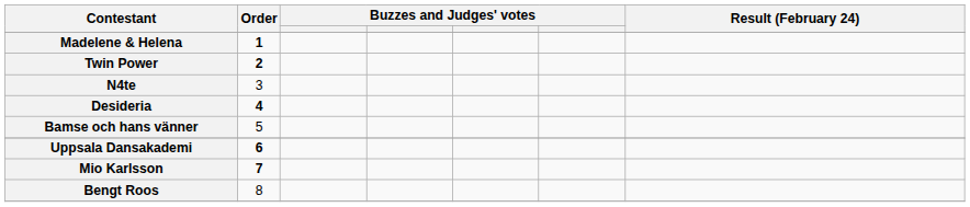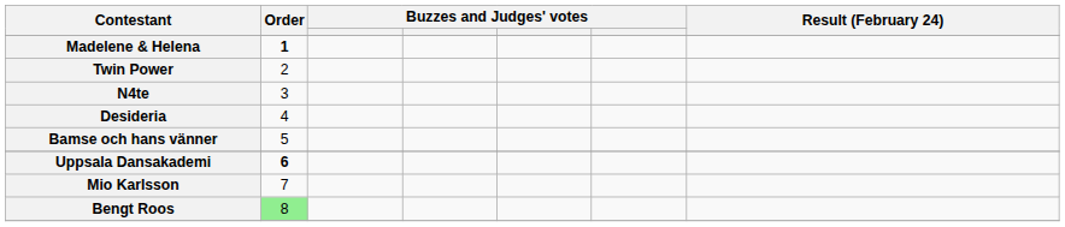 <table class="wikitable plainrowheaders sortable" style="text-align:center;">
 <tr>
 <th scope="col" rowspan="2" class="unsortable" style="width:17em;">Contestant</th>
 <th scope="col" rowspan="2" style="width:1em;">Order</th>
 <th scope="col" colspan="4" class="unsortable" style="width:24em;">Buzzes and Judges' votes</th>
 <th scope="col" rowspan="2" style="width:25em;">Result (February 24)</th>
 </tr>
 <tr>
 <th scope="col" class="unsortable" style="width:6em;"></th>
 <th scope="col" class="unsortable" style="width:6em;"></th>
 <th scope="col" class="unsortable" style="width:6em;"></th>
 <th scope="col" class="unsortable" style="width:6em;"></th>
 </tr>
 <tr>
 </tr>
 <tr -style="background:NavajoWhite">
 <th scope="row"><strong>Madelene & Helena</strong></th>
 <td><strong>1</strong></td>
 <td style="text-align:center;"></td>
 <td style="text-align:center;"></td>
 <td style="text-align:center;"></td>
 <td style="text-align:center;"></td>
 <td></td>
 </tr>
 <tr>
 <th scope="row">Twin Power</th>
-<td><strong>2</strong></td>
+<td>2</td>
 <td style="text-align:center;"></td>
 <td style="text-align:center;"></td>
 <td style="text-align:center;"></td>
 <td style="text-align:center;"></td>
 <td></td>
 </tr>
 <tr>
 <th scope="row">N4te</th>
 <td>3</td>
 <td style="text-align:center;"></td>
 <td style="text-align:center;"></td>
 <td style="text-align:center;"></td>
 <td style="text-align:center;"></td>
 <td></td>
 </tr>
 <tr>
 <th scope="row">Desideria</th>
-<td><strong>4</strong></td>
+<td>4</td>
 <td style="text-align:center;"></td>
 <td style="text-align:center;"></td>
 <td style="text-align:center;"></td>
 <td style="text-align:center;"></td>
 <td></td>
 </tr>
 <tr>
 <th scope="row">Bamse och hans vänner</th>
 <td>5</td>
 <td style="text-align:center;"></td>
 <td style="text-align:center;"></td>
 <td style="text-align:center;"></td>
 <td style="text-align:center;"></td>
 <td></td>
 </tr>
 <tr>
 </tr>
 <tr -style="background:NavajoWhite">
 <th scope="row"><strong>Uppsala Dansakademi</strong></th>
 <td><strong>6</strong></td>
 <td style="text-align:center;"></td>
 <td style="text-align:center;"></td>
 <td style="text-align:center;"></td>
 <td style="text-align:center;"></td>
 <td></td>
 </tr>
 <tr>
 <th scope="row">Mio Karlsson</th>
-<td><strong>7</strong></td>
+<td>7</td>
 <td style="text-align:center;"></td>
 <td style="text-align:center;"></td>
 <td style="text-align:center;"></td>
 <td style="text-align:center;"></td>
 <td></td>
 </tr>
 <tr>
 <th scope="row">Bengt Roos</th>
-<td>8</td>
+<td style="background: lightgreen;">8</td>
 <td style="text-align:center;"></td>
 <td style="text-align:center;"></td>
 <td style="text-align:center;"></td>
 <td style="text-align:center;"></td>
 <td></td>
 </tr>
 <tr>
 </tr>
 </table>
